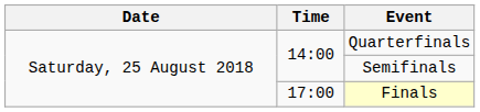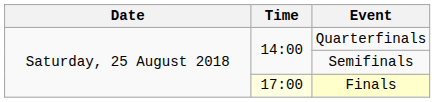 <table class = "wikitable" style="text-align:center;">
 <tr>
 <th width=220>Date</th>
 <th width=50>Time</th>
 <th width=100>Event</th>
 </tr>
 <tr>
 <td rowspan=3>Saturday, 25 August 2018</td>
 <td rowspan=2>14:00</td>
 <td>Quarterfinals</td>
 </tr>
 <tr>
 <td>Semifinals</td>
 </tr>
 <tr>
-<td>17:00</td>
+<td style="background: lightyellow;">17:00</td>
 <td bgcolor=ffffcc>Finals</td>
 </tr>
 </table>
